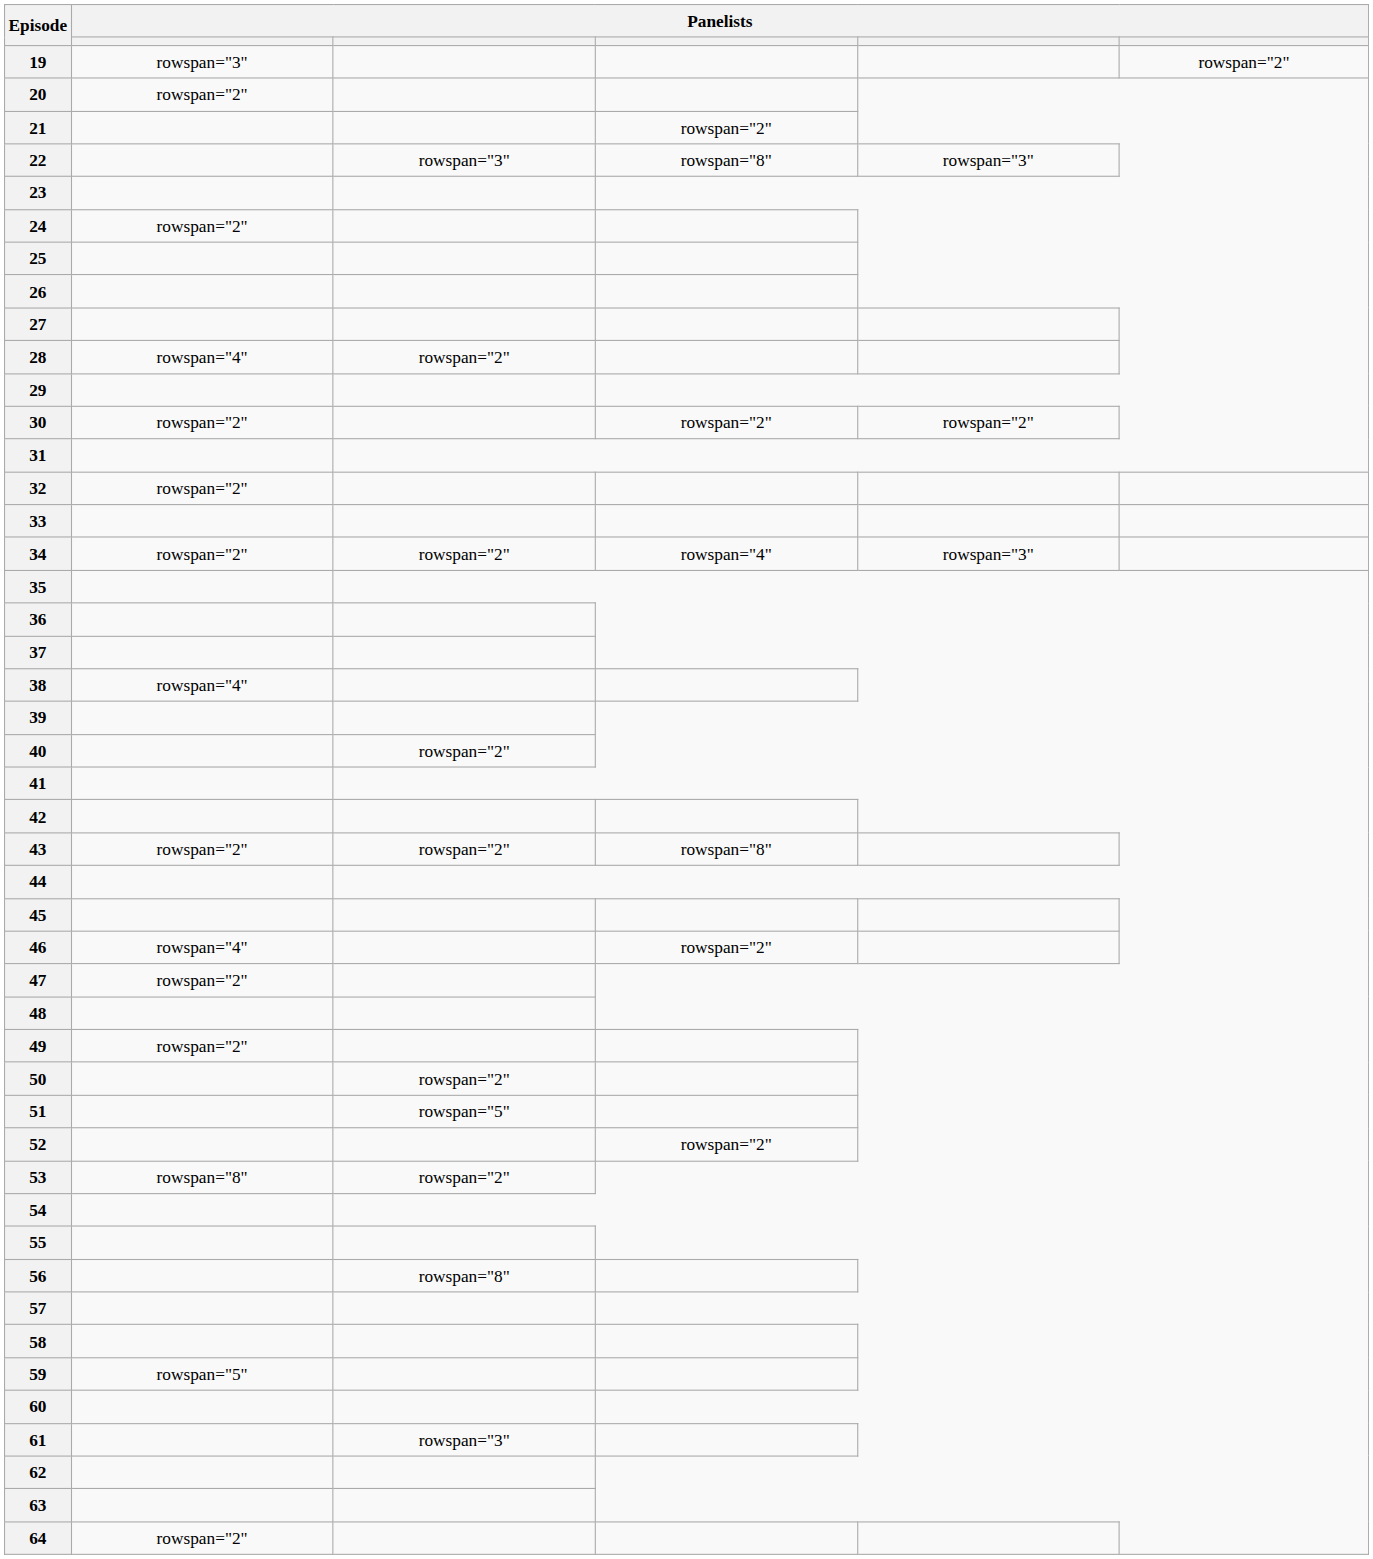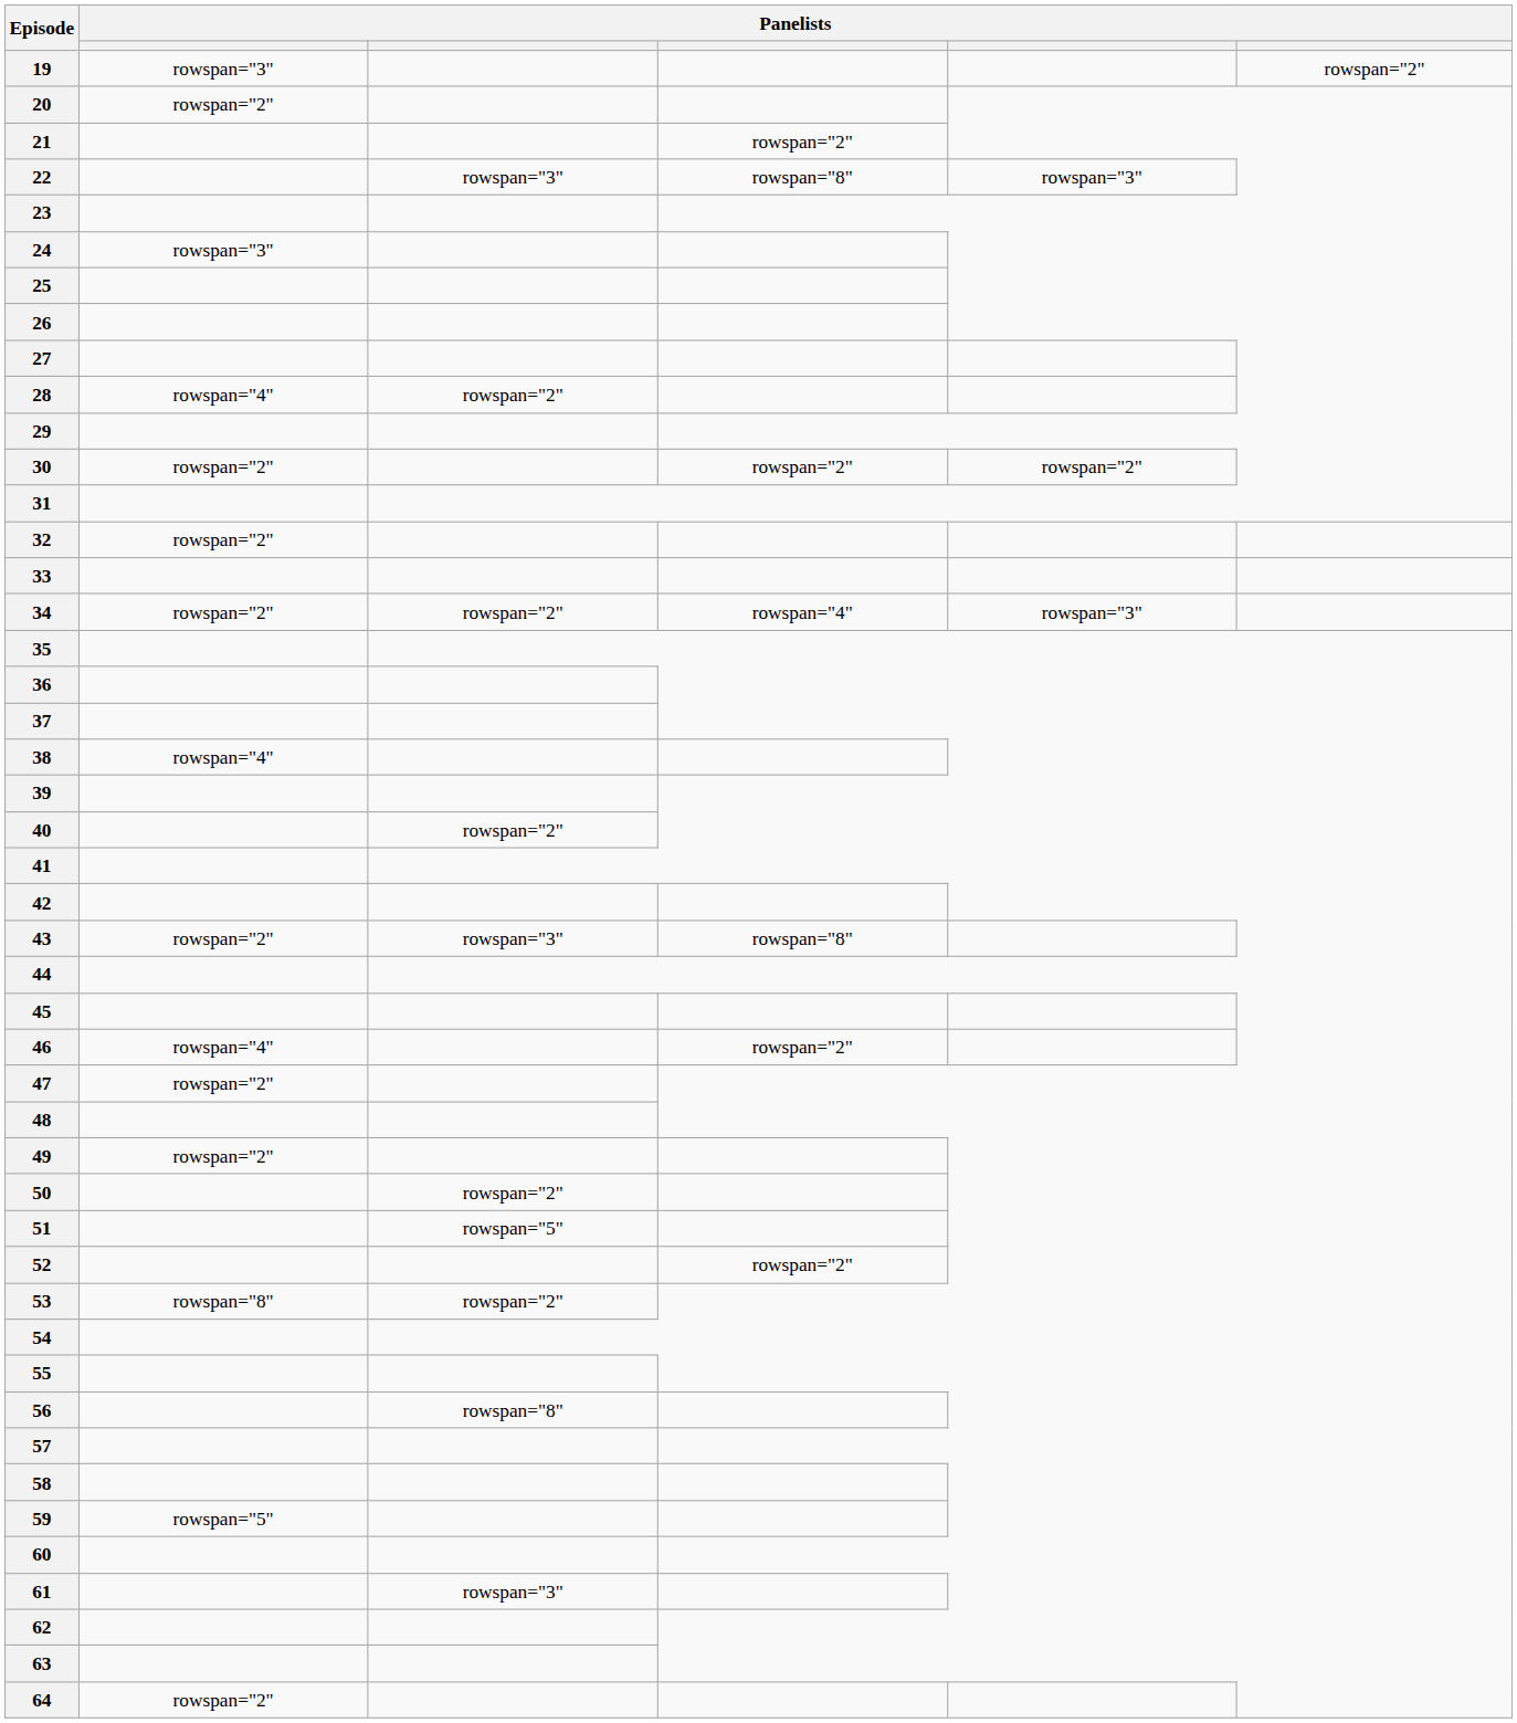 <table class="wikitable plainrowheaders mw-collapsible" style="text-align:center; line-height:23px; width:100%;">
 <tr>
 <th rowspan="2" width="1%">Episode</th>
 <th colspan="5">Panelists</th>
 </tr>
 <tr>
 <th width="20%"></th>
 <th width="20%"></th>
 <th width="20%"></th>
 <th width="20%"></th>
 <th width="20%"></th>
 </tr>
 <tr>
 <th>19</th>
 <td>rowspan="3" </td>
 <td></td>
 <td></td>
 <td></td>
 <td>rowspan="2" </td>
 </tr>
 <tr>
 <th>20</th>
 <td>rowspan="2" </td>
 <td></td>
 <td></td>
 </tr>
 <tr>
 <th>21</th>
 <td></td>
 <td></td>
 <td>rowspan="2" </td>
 </tr>
 <tr>
 <th>22</th>
 <td></td>
 <td>rowspan="3" </td>
 <td>rowspan="8" </td>
 <td>rowspan="3" </td>
 </tr>
 <tr>
 <th>23</th>
 <td></td>
 <td></td>
 </tr>
 <tr>
 <th>24</th>
-<td>rowspan="2" </td>
+<td>rowspan="3" </td>
 <td></td>
 <td></td>
 </tr>
 <tr>
 <th>25</th>
 <td></td>
 <td></td>
 <td></td>
 </tr>
 <tr>
 <th>26</th>
 <td></td>
 <td></td>
 <td></td>
 </tr>
 <tr>
 <th>27</th>
 <td></td>
 <td></td>
 <td></td>
 <td></td>
 </tr>
 <tr>
 <th>28</th>
 <td>rowspan="4" </td>
 <td>rowspan="2" </td>
 <td></td>
 <td></td>
 </tr>
 <tr>
 <th>29</th>
 <td></td>
 <td></td>
 </tr>
 <tr>
 <th>30</th>
 <td>rowspan="2" </td>
 <td></td>
 <td>rowspan="2" </td>
 <td>rowspan="2" </td>
 </tr>
 <tr>
 <th>31</th>
 <td></td>
 </tr>
 <tr>
 <th>32</th>
 <td>rowspan="2" </td>
 <td></td>
 <td></td>
 <td></td>
 <td></td>
 </tr>
 <tr>
 <th>33</th>
 <td></td>
 <td></td>
 <td></td>
 <td></td>
 </tr>
 <tr>
 <th>34</th>
 <td>rowspan="2" </td>
 <td>rowspan="2" </td>
 <td>rowspan="4" </td>
 <td>rowspan="3" </td>
 <td></td>
 </tr>
 <tr>
 <th>35</th>
 <td></td>
 </tr>
 <tr>
 <th>36</th>
 <td></td>
 <td></td>
 </tr>
 <tr>
 <th>37</th>
 <td></td>
 <td></td>
 </tr>
 <tr>
 <th>38</th>
 <td>rowspan="4" </td>
 <td></td>
 <td></td>
 </tr>
 <tr>
 <th>39</th>
 <td></td>
 <td></td>
 </tr>
 <tr>
 <th>40</th>
 <td></td>
 <td>rowspan="2" </td>
 </tr>
 <tr>
 <th>41</th>
 <td></td>
 </tr>
 <tr>
 <th>42</th>
 <td></td>
 <td></td>
 <td></td>
 </tr>
 <tr>
 <th>43</th>
 <td>rowspan="2" </td>
-<td>rowspan="2" </td>
+<td>rowspan="3" </td>
 <td>rowspan="8" </td>
 <td></td>
 </tr>
 <tr>
 <th>44</th>
 <td></td>
 </tr>
 <tr>
 <th>45</th>
 <td></td>
 <td></td>
 <td></td>
 <td></td>
 </tr>
 <tr>
 <th>46</th>
 <td>rowspan="4" </td>
 <td></td>
 <td>rowspan="2" </td>
 <td></td>
 </tr>
 <tr>
 <th>47</th>
 <td>rowspan="2" </td>
 <td></td>
 </tr>
 <tr>
 <th>48</th>
 <td></td>
 <td></td>
 </tr>
 <tr>
 <th>49</th>
 <td>rowspan="2" </td>
 <td></td>
 <td></td>
 </tr>
 <tr>
 <th>50</th>
 <td></td>
 <td>rowspan="2" </td>
 <td></td>
 </tr>
 <tr>
 <th>51</th>
 <td></td>
 <td>rowspan="5" </td>
 <td></td>
 </tr>
 <tr>
 <th>52</th>
 <td></td>
 <td></td>
 <td>rowspan="2" </td>
 </tr>
 <tr>
 <th>53</th>
 <td>rowspan="8" </td>
 <td>rowspan="2" </td>
 </tr>
 <tr>
 <th>54</th>
 <td></td>
 </tr>
 <tr>
 <th>55</th>
 <td></td>
 <td></td>
 </tr>
 <tr>
 <th>56</th>
 <td></td>
 <td>rowspan="8" </td>
 <td></td>
 </tr>
 <tr>
 <th>57</th>
 <td></td>
 <td></td>
 </tr>
 <tr>
 <th>58</th>
 <td></td>
 <td></td>
 <td></td>
 </tr>
 <tr>
 <th>59</th>
 <td>rowspan="5" </td>
 <td></td>
 <td></td>
 </tr>
 <tr>
 <th>60</th>
 <td></td>
 <td></td>
 </tr>
 <tr>
 <th>61</th>
 <td></td>
 <td>rowspan="3" </td>
 <td></td>
 </tr>
 <tr>
 <th>62</th>
 <td></td>
 <td></td>
 </tr>
 <tr>
 <th>63</th>
 <td></td>
 <td></td>
 </tr>
 <tr>
 <th>64</th>
 <td>rowspan="2" </td>
 <td></td>
 <td></td>
 <td></td>
 </tr>
 </table>
